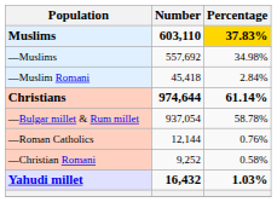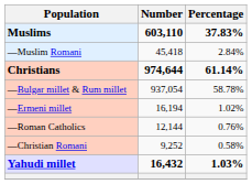 <table class="wikitable sortable">
 <tr>
 <th style="width:130pt;">Population</th>
 <th style="text-align:center;"style="width:85pt;">Number</th>
 <th style="text-align:center;"style="width:85pt;">Percentage</th>
 </tr>
 <tr>
 <td style="background:#E0F0FF;"><strong>Muslims</strong></td>
 <td style="text-align:right;"><strong>603,110</strong></td>
-<td style="background: gold; text-align:right;"><strong>37.83%</strong></td>
-</tr>
-<tr>
-<td style="background:#E0F0FF;"><small>—Muslims</small></td>
-<td style="text-align:right;"><small>557,692</small></td>
-<td style="text-align:right;"><small>34.98%</small></td>
+<td style="text-align:right;"><strong>37.83%</strong></td>
 </tr>
 <tr>
 <td style="background:#E0F0FF;"><small>—Muslim <a href='#'>Romani</a></small></td>
 <td style="text-align:right;"><small>45,418</small></td>
 <td style="text-align:right;"><small>2.84%</small></td>
 </tr>
 <tr>
 <td style="background:#FFD0C0;"><strong>Christians</strong></td>
 <td style="text-align:right;"><strong>974,644</strong></td>
 <td style="text-align:right;"><strong>61.14%</strong></td>
 </tr>
 <tr>
 <td style="background:#FFD0C0;"><small>—<a href='#'>Bulgar millet</a> & <a href='#'>Rum millet</a></small></td>
 <td style="text-align:right;"><small>937,054</small></td>
 <td style="text-align:right;"><small>58.78%</small></td>
+</tr>
+<tr>
+<td style="background:#FFD0C0;"><small>—<a href='#'>Ermeni millet</a></small></td>
+<td style="text-align:right;"><small>16,194</small></td>
+<td style="text-align:right;"><small>1.02%</small></td>
 </tr>
 <tr>
 <td style="background:#FFD0C0;"><small>—Roman Catholics</small></td>
 <td style="text-align:right;"><small>12,144</small></td>
 <td style="text-align:right;"><small>0.76%</small></td>
 </tr>
 <tr>
 <td style="background:#FFD0C0;"><small>—Christian <a href='#'>Romani</a></small></td>
 <td style="text-align:right;"><small>9,252</small></td>
 <td style="text-align:right;"><small>0.58%</small></td>
 </tr>
 <tr>
 <td style="background:#E0E0FF;"><strong><a href='#'>Yahudi millet</a></strong></td>
 <td style="text-align:right;"><strong>16,432</strong></td>
 <td style="text-align:right;"><strong>1.03%</strong></td>
 </tr>
 <tr>
 <th style="text-align:left;"></th>
 <th></th>
 <th></th>
 </tr>
 <tr>
 </tr>
 </table>
